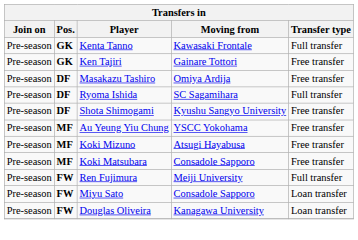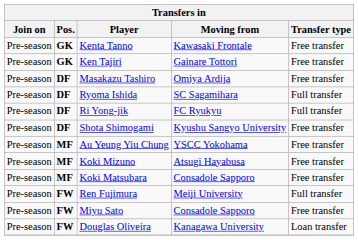 <table class="wikitable sortable" style=“text-align:left;>
 <tr>
 <th colspan="5">Transfers in</th>
 </tr>
 <tr>
 <th>Join on</th>
 <th>Pos.</th>
 <th>Player</th>
 <th>Moving from</th>
 <th>Transfer type</th>
 </tr>
 <tr>
 <td>Pre-season</td>
 <td><strong>GK</strong></td>
 <td> <a href='#'>Kenta Tanno</a></td>
 <td> <a href='#'>Kawasaki Frontale</a></td>
-<td>Full transfer</td>
+<td>Free transfer</td>
 </tr>
 <tr>
 <td>Pre-season</td>
 <td><strong>GK</strong></td>
 <td> <a href='#'>Ken Tajiri</a></td>
 <td> <a href='#'>Gainare Tottori</a></td>
 <td>Free transfer</td>
 </tr>
 <tr>
 <td>Pre-season</td>
 <td><strong>DF</strong></td>
 <td> <a href='#'>Masakazu Tashiro</a></td>
 <td> <a href='#'>Omiya Ardija</a></td>
 <td>Free transfer</td>
 </tr>
 <tr>
 <td>Pre-season</td>
 <td><strong>DF</strong></td>
 <td> <a href='#'>Ryoma Ishida</a></td>
 <td> <a href='#'>SC Sagamihara</a></td>
+<td>Full transfer</td>
+</tr>
+<tr>
+<td>Pre-season</td>
+<td><strong>DF</strong></td>
+<td> <a href='#'>Ri Yong-jik</a></td>
+<td> <a href='#'>FC Ryukyu</a></td>
 <td>Full transfer</td>
 </tr>
 <tr>
 <td>Pre-season</td>
 <td><strong>DF</strong></td>
 <td> <a href='#'>Shota Shimogami</a></td>
 <td> <a href='#'>Kyushu Sangyo University</a></td>
 <td>Free transfer</td>
 </tr>
 <tr>
 <td>Pre-season</td>
 <td><strong>MF</strong></td>
 <td> <a href='#'>Au Yeung Yiu Chung</a></td>
 <td> <a href='#'>YSCC Yokohama</a></td>
 <td>Free transfer</td>
 </tr>
 <tr>
 <td>Pre-season</td>
 <td><strong>MF</strong></td>
 <td> <a href='#'>Koki Mizuno</a></td>
 <td> <a href='#'>Atsugi Hayabusa</a></td>
 <td>Free transfer</td>
 </tr>
 <tr>
 <td>Pre-season</td>
 <td><strong>MF</strong></td>
 <td> <a href='#'>Koki Matsubara</a></td>
 <td> <a href='#'>Consadole Sapporo</a></td>
 <td>Free transfer</td>
 </tr>
 <tr>
 <td>Pre-season</td>
 <td><strong>FW</strong></td>
 <td> <a href='#'>Ren Fujimura</a></td>
 <td> <a href='#'>Meiji University</a></td>
 <td>Full transfer</td>
 </tr>
 <tr>
 <td>Pre-season</td>
 <td><strong>FW</strong></td>
 <td> <a href='#'>Miyu Sato</a></td>
 <td> <a href='#'>Consadole Sapporo</a></td>
-<td>Loan transfer</td>
+<td>Free transfer</td>
 </tr>
 <tr>
 <td>Pre-season</td>
 <td><strong>FW</strong></td>
 <td> <a href='#'>Douglas Oliveira</a></td>
 <td> <a href='#'>Kanagawa University</a></td>
 <td>Loan transfer</td>
 </tr>
 <tr>
 </tr>
 </table>
